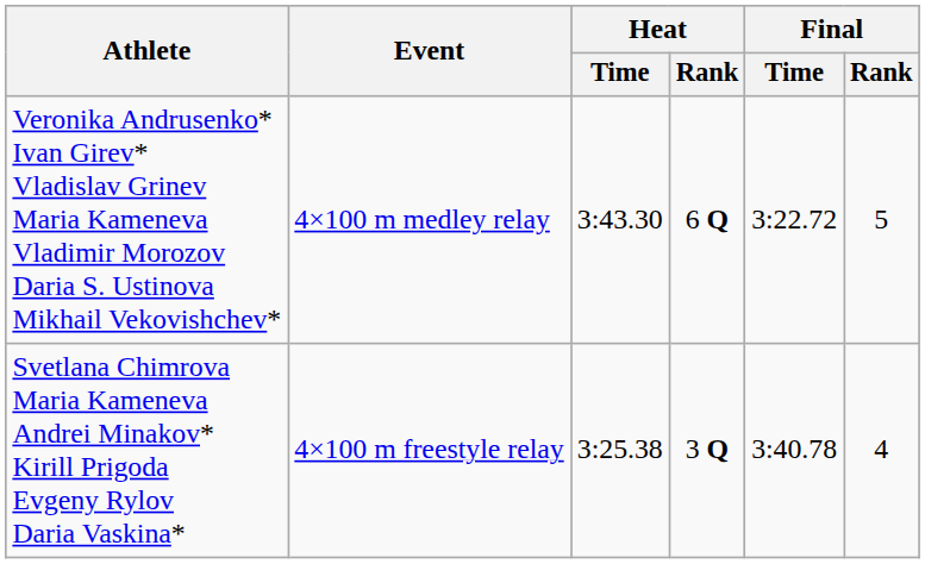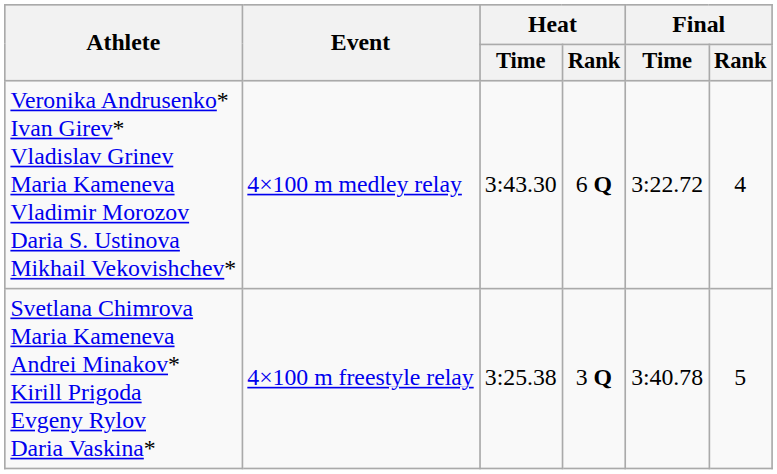 <table class="wikitable" style="text-align:center; font-size:90%">
 <tr>
 <th rowspan=2>Athlete</th>
 <th rowspan=2>Event</th>
 <th colspan=2>Heat</th>
 <th colspan=2>Final</th>
 </tr>
 <tr style="font-size:95%">
 <th>Time</th>
 <th>Rank</th>
 <th>Time</th>
 <th>Rank</th>
 </tr>
 <tr>
 <td align=left><a href='#'>Veronika Andrusenko</a>*<br><a href='#'>Ivan Girev</a>*<br><a href='#'>Vladislav Grinev</a><br><a href='#'>Maria Kameneva</a><br><a href='#'>Vladimir Morozov</a><br><a href='#'>Daria S. Ustinova</a><br><a href='#'>Mikhail Vekovishchev</a>*</td>
 <td align=left><a href='#'>4×100 m medley relay</a></td>
 <td>3:43.30</td>
 <td>6 <strong>Q</strong></td>
 <td>3:22.72</td>
-<td>5</td>
+<td>4</td>
 </tr>
 <tr>
 <td align=left><a href='#'>Svetlana Chimrova</a><br><a href='#'>Maria Kameneva</a><br><a href='#'>Andrei Minakov</a>*<br><a href='#'>Kirill Prigoda</a><br><a href='#'>Evgeny Rylov</a><br><a href='#'>Daria Vaskina</a>*</td>
 <td align=left><a href='#'>4×100 m freestyle relay</a></td>
 <td>3:25.38</td>
 <td>3 <strong>Q</strong></td>
 <td>3:40.78</td>
-<td>4</td>
+<td>5</td>
 </tr>
 </table>
